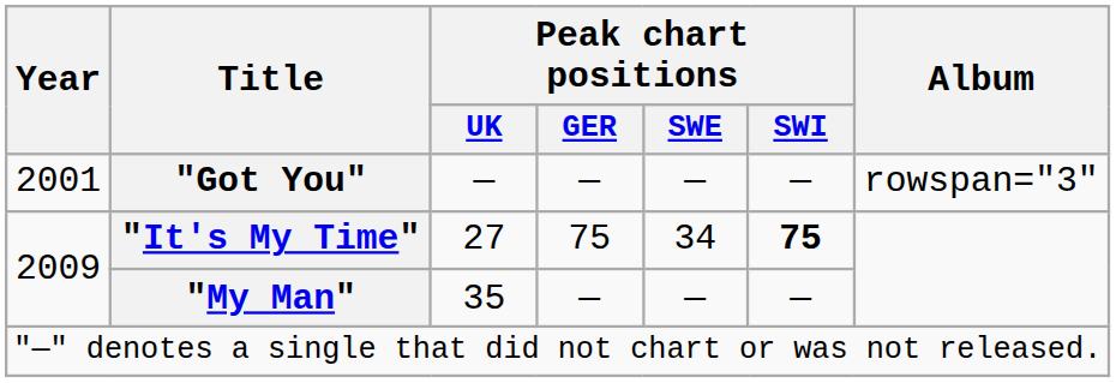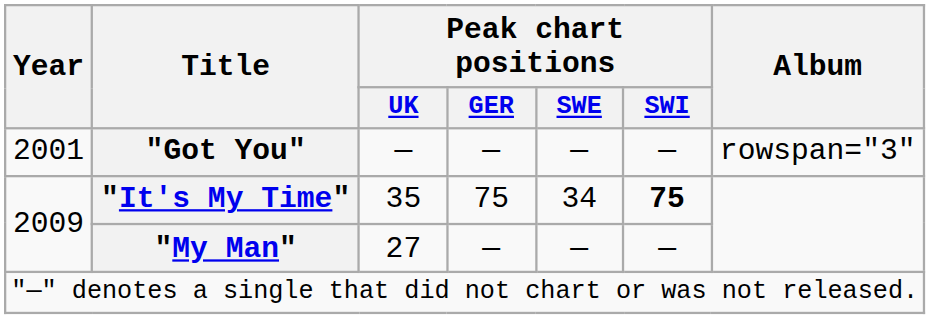 <table class="wikitable plainrowheaders" style="text-align:center;">
 <tr>
 <th scope="col" rowspan="2">Year</th>
 <th scope="col" rowspan="2">Title</th>
 <th scope="col" colspan="4">Peak chart positions</th>
 <th scope="col" rowspan="2">Album</th>
 </tr>
 <tr>
 <th scope="col" style="width:3em;font-size:85%;"><a href='#'>UK</a><br></th>
 <th scope="col" style="width:3em;font-size:85%;"><a href='#'>GER</a><br></th>
 <th scope="col" style="width:3em;font-size:85%;"><a href='#'>SWE</a><br></th>
 <th scope="col" style="width:3em;font-size:85%;"><a href='#'>SWI</a><br></th>
 </tr>
 <tr>
 <td>2001</td>
 <th scope="row">"Got You"</th>
 <td>—</td>
 <td>—</td>
 <td>—</td>
 <td>—</td>
 <td>rowspan="3" </td>
 </tr>
 <tr>
 <td rowspan="2">2009</td>
 <th scope="row">"<a href='#'>It's My Time</a>"</th>
-<td>27</td>
+<td>35</td>
 <td>75</td>
 <td>34</td>
 <td><strong>75</strong></td>
 </tr>
 <tr>
 <th scope="row">"<a href='#'>My Man</a>"</th>
-<td>35</td>
+<td>27</td>
 <td>—</td>
 <td>—</td>
 <td>—</td>
 </tr>
 <tr>
 <td colspan="18" style="font-size:85%">"—" denotes a single that did not chart or was not released.</td>
 </tr>
 </table>
